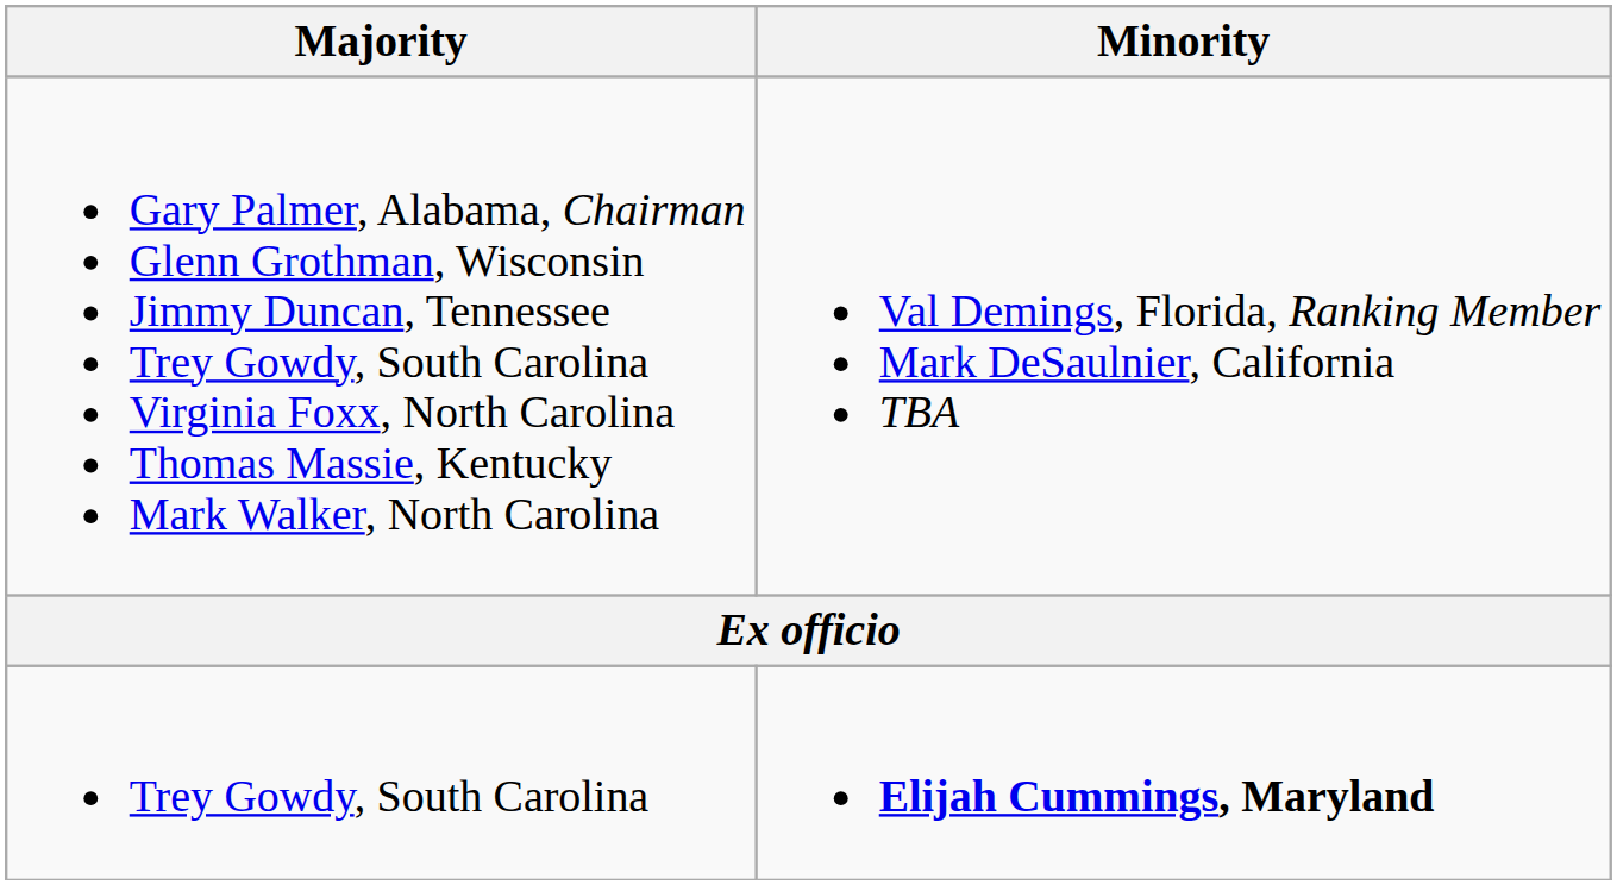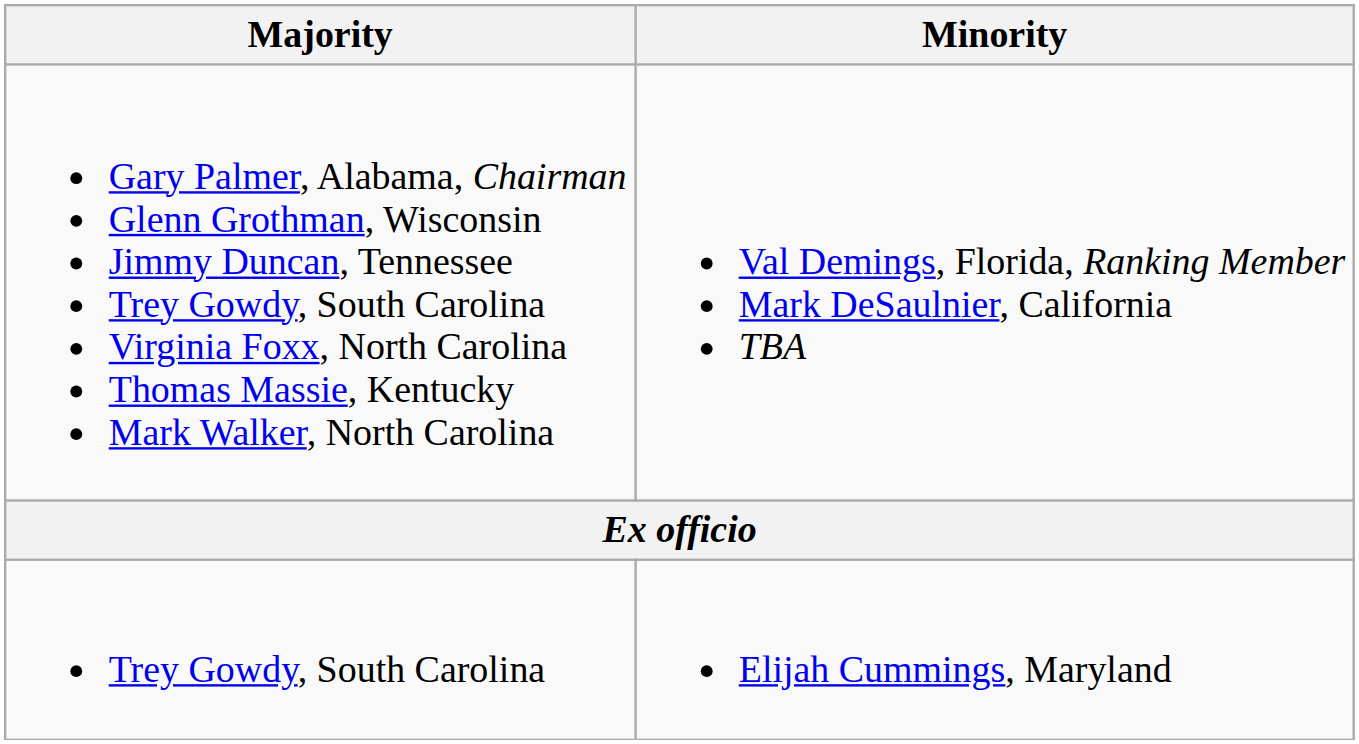 <table class=wikitable>
 <tr>
 <th>Majority</th>
 <th>Minority</th>
 </tr>
 <tr>
 <td><br><ul><li><a href='#'>Gary Palmer</a>, Alabama, <em>Chairman</em></li><li><a href='#'>Glenn Grothman</a>, Wisconsin</li><li><a href='#'>Jimmy Duncan</a>, Tennessee</li><li><a href='#'>Trey Gowdy</a>, South Carolina</li><li><a href='#'>Virginia Foxx</a>, North Carolina</li><li><a href='#'>Thomas Massie</a>, Kentucky</li><li><a href='#'>Mark Walker</a>, North Carolina</li></ul></td>
 <td><br><ul><li><a href='#'>Val Demings</a>, Florida, <em>Ranking Member</em></li><li><a href='#'>Mark DeSaulnier</a>, California</li><li><em>TBA</em></li></ul></td>
 </tr>
 <tr>
 <th colspan=2><em>Ex officio</em></th>
 </tr>
 <tr>
 <td><br><ul><li><a href='#'>Trey Gowdy</a>, South Carolina</li></ul></td>
-<td><strong><br><ul><li><a href='#'>Elijah Cummings</a>, Maryland</li></ul></strong></td>
+<td><br><ul><li><a href='#'>Elijah Cummings</a>, Maryland</li></ul></td>
 </tr>
 </table>
